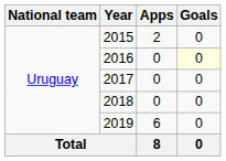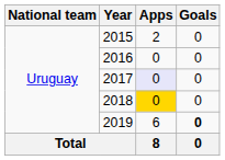 <table class="wikitable" style="text-align:center">
 <tr>
 <th>National team</th>
 <th>Year</th>
 <th>Apps</th>
 <th>Goals</th>
 </tr>
 <tr>
 <td rowspan="5"><a href='#'>Uruguay</a></td>
 <td>2015</td>
 <td>2</td>
 <td>0</td>
 </tr>
 <tr>
 <td>2016</td>
 <td>0</td>
-<td style="background: lightyellow;">0</td>
+<td>0</td>
 </tr>
 <tr>
 <td>2017</td>
-<td>0</td>
+<td style="background: lavender;">0</td>
 <td>0</td>
 </tr>
 <tr>
 <td>2018</td>
-<td>0</td>
+<td style="background: gold;">0</td>
 <td>0</td>
 </tr>
 <tr>
 <td>2019</td>
 <td>6</td>
-<td>0</td>
+<td><strong>0</strong></td>
 </tr>
 <tr>
 <th colspan="2">Total</th>
 <th>8</th>
 <th>0</th>
 </tr>
 </table>
